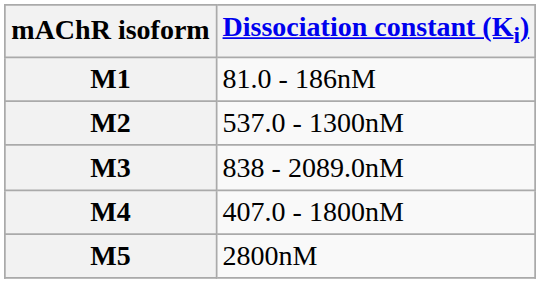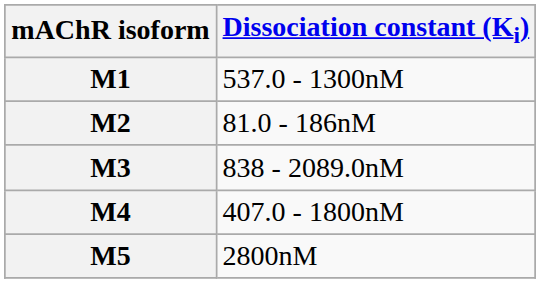 <table class="wikitable">
 <tr>
 <th>mAChR isoform</th>
 <th><a href='#'>Dissociation constant (K<sub>i</sub>)</a></th>
 </tr>
 <tr>
 <th>M1</th>
-<td>81.0 - 186nM</td>
+<td>537.0 - 1300nM</td>
 </tr>
 <tr>
 <th>M2</th>
-<td>537.0 - 1300nM</td>
+<td>81.0 - 186nM</td>
 </tr>
 <tr>
 <th>M3</th>
 <td>838 - 2089.0nM</td>
 </tr>
 <tr>
 <th>M4</th>
 <td>407.0 - 1800nM</td>
 </tr>
 <tr>
 <th>M5</th>
 <td>2800nM</td>
 </tr>
 </table>
